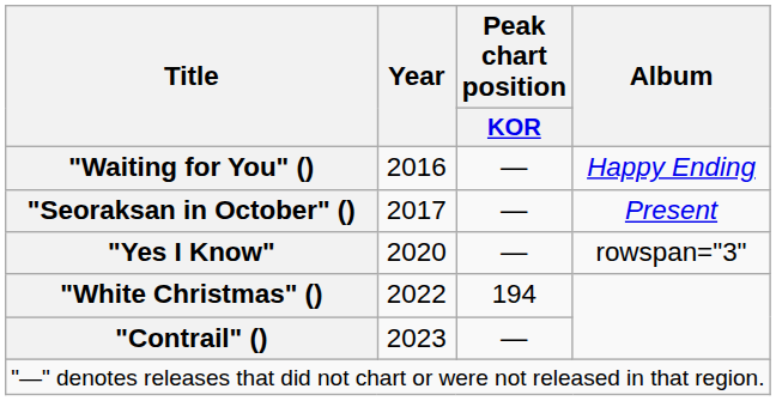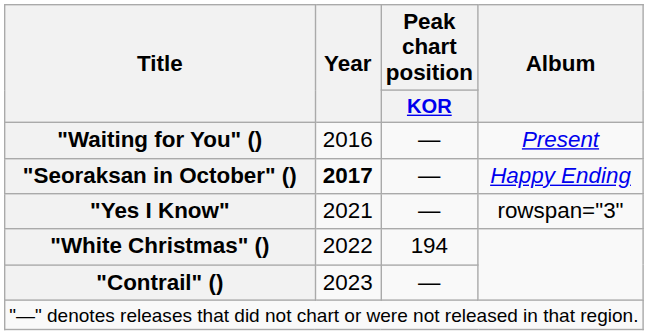 <table class="wikitable plainrowheaders" style="text-align:center;">
 <tr>
 <th scope="col" rowspan="2">Title</th>
 <th scope="col" rowspan="2">Year</th>
 <th scope="col" colspan="1">Peak chart position</th>
 <th scope="col" rowspan="2">Album</th>
 </tr>
 <tr>
 <th scope="col" style="width:3em;font-size:90%;"><a href='#'>KOR</a><br></th>
 </tr>
 <tr>
 <th scope="row">"Waiting for You" ()</th>
 <td>2016</td>
 <td>—</td>
+<td><em><a href='#'>Present</a></em></td>
+</tr>
+<tr>
+<th scope="row">"Seoraksan in October" () </th>
+<td><strong>2017</strong></td>
+<td>—</td>
 <td><em><a href='#'>Happy Ending</a></em></td>
 </tr>
 <tr>
-<th scope="row">"Seoraksan in October" () </th>
-<td>2017</td>
-<td>—</td>
-<td><em><a href='#'>Present</a></em></td>
-</tr>
-<tr>
 <th scope="row">"Yes I Know"</th>
-<td>2020</td>
+<td>2021</td>
 <td>—</td>
 <td>rowspan="3" </td>
 </tr>
 <tr>
 <th scope="row">"White Christmas" ()<br></th>
 <td>2022</td>
 <td>194</td>
 </tr>
 <tr>
 <th scope="row">"Contrail" ()</th>
 <td>2023</td>
 <td>—</td>
 </tr>
 <tr>
 <td colspan="5" style="font-size:85%">"—" denotes releases that did not chart or were not released in that region.</td>
 </tr>
 </table>
